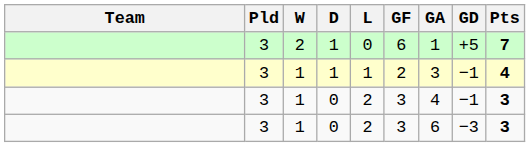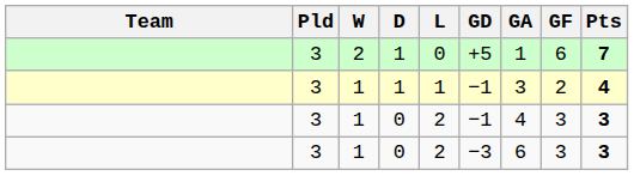 <table class="wikitable" style="text-align:center;">
 <tr>
 <th width=180>Team</th>
 <th width=20>Pld</th>
 <th width=20>W</th>
 <th width=20>D</th>
 <th width=20>L</th>
+<th width=20>GD</th>
+<th width=20>GA</th>
 <th width=20>GF</th>
-<th width=20>GA</th>
-<th width=20>GD</th>
 <th width=20>Pts</th>
 </tr>
 <tr style="background:#cfc;">
 <td align="left"></td>
 <td>3</td>
 <td>2</td>
 <td>1</td>
 <td>0</td>
+<td>+5</td>
+<td>1</td>
 <td>6</td>
-<td>1</td>
-<td>+5</td>
 <td><strong>7</strong></td>
 </tr>
 <tr style="background:#ffc;">
 <td align="left"><em></em></td>
 <td>3</td>
 <td>1</td>
 <td>1</td>
 <td>1</td>
+<td>−1</td>
+<td>3</td>
 <td>2</td>
-<td>3</td>
-<td>−1</td>
 <td><strong>4</strong></td>
 </tr>
 <tr>
 <td align="left"></td>
 <td>3</td>
 <td>1</td>
 <td>0</td>
 <td>2</td>
+<td>−1</td>
+<td>4</td>
 <td>3</td>
-<td>4</td>
-<td>−1</td>
 <td><strong>3</strong></td>
 </tr>
 <tr>
 <td align="left"></td>
 <td>3</td>
 <td>1</td>
 <td>0</td>
 <td>2</td>
+<td>−3</td>
+<td>6</td>
 <td>3</td>
-<td>6</td>
-<td>−3</td>
 <td><strong>3</strong></td>
 </tr>
 </table>
